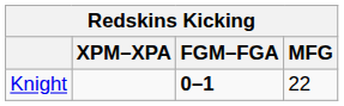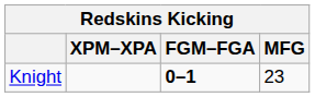 <table class="wikitable">
 <tr>
 <th colspan="4">Redskins Kicking</th>
 </tr>
 <tr>
 <th></th>
 <th>XPM–XPA</th>
 <th>FGM–FGA</th>
 <th>MFG</th>
 </tr>
 <tr>
 <td><a href='#'>Knight</a></td>
 <td></td>
 <td><strong>0–1</strong></td>
-<td>22</td>
+<td>23</td>
 </tr>
 </table>
